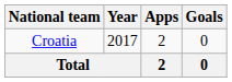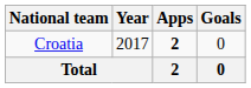 <table class=wikitable style=text-align:center>
 <tr>
 <th>National team</th>
 <th>Year</th>
 <th>Apps</th>
 <th>Goals</th>
 </tr>
 <tr>
 <td rowspan=1><a href='#'>Croatia</a></td>
 <td>2017</td>
-<td>2</td>
+<td><strong>2</strong></td>
 <td>0</td>
 </tr>
 <tr>
 <th colspan=2>Total</th>
 <th>2</th>
 <th>0</th>
 </tr>
 </table>
